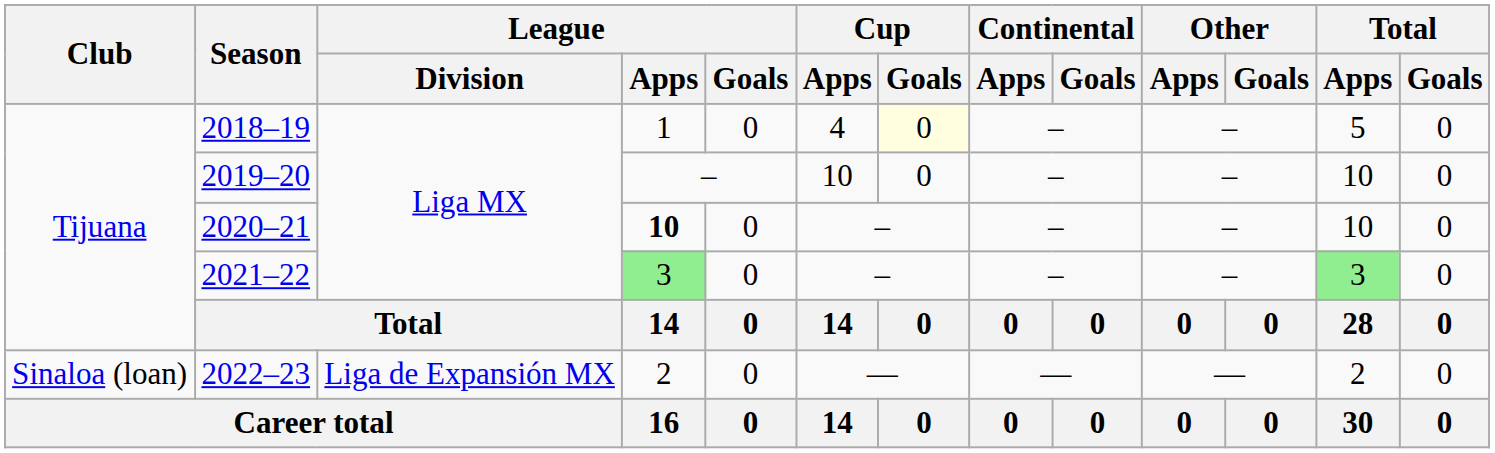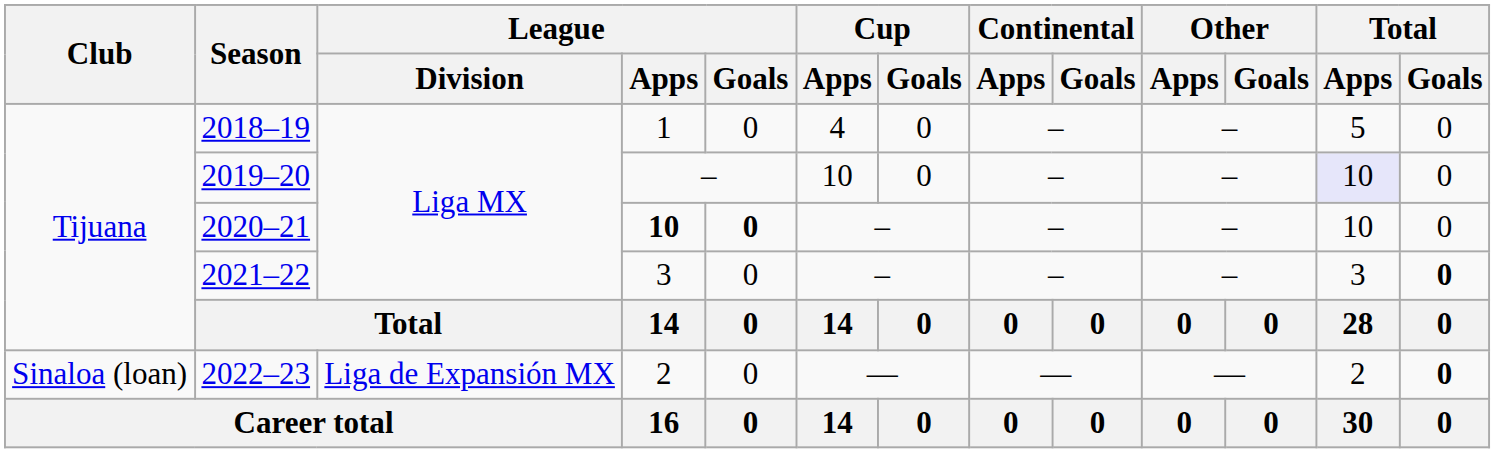 <table class="wikitable" style="text-align: center">
 <tr>
 <th rowspan="2">Club</th>
 <th rowspan="2">Season</th>
 <th colspan="3">League</th>
 <th colspan="2">Cup</th>
 <th colspan="2">Continental</th>
 <th colspan="2">Other</th>
 <th colspan="2">Total</th>
 </tr>
 <tr>
 <th>Division</th>
 <th>Apps</th>
 <th>Goals</th>
 <th>Apps</th>
 <th>Goals</th>
 <th>Apps</th>
 <th>Goals</th>
 <th>Apps</th>
 <th>Goals</th>
 <th>Apps</th>
 <th>Goals</th>
 </tr>
 <tr>
 <td rowspan="5"><a href='#'>Tijuana</a></td>
 <td><a href='#'>2018–19</a></td>
 <td rowspan="4"><a href='#'>Liga MX</a></td>
 <td>1</td>
 <td>0</td>
 <td>4</td>
-<td style="background: lightyellow;">0</td>
+<td>0</td>
 <td colspan="2">–</td>
 <td colspan="2">–</td>
 <td>5</td>
 <td>0</td>
 </tr>
 <tr>
 <td><a href='#'>2019–20</a></td>
 <td colspan="2">–</td>
 <td>10</td>
 <td>0</td>
 <td colspan="2">–</td>
 <td colspan="2">–</td>
-<td>10</td>
+<td style="background: lavender;">10</td>
 <td>0</td>
 </tr>
 <tr>
 <td><a href='#'>2020–21</a></td>
 <td><strong>10</strong></td>
-<td>0</td>
+<td><strong>0</strong></td>
 <td colspan="2">–</td>
 <td colspan="2">–</td>
 <td colspan="2">–</td>
 <td>10</td>
 <td>0</td>
 </tr>
 <tr>
 <td><a href='#'>2021–22</a></td>
-<td style="background: lightgreen;">3</td>
+<td>3</td>
 <td>0</td>
 <td colspan="2">–</td>
 <td colspan="2">–</td>
 <td colspan="2">–</td>
-<td style="background: lightgreen;">3</td>
-<td>0</td>
+<td>3</td>
+<td><strong>0</strong></td>
 </tr>
 <tr>
 <th colspan="2"><strong>Total</strong></th>
 <th>14</th>
 <th>0</th>
 <th>14</th>
 <th>0</th>
 <th>0</th>
 <th>0</th>
 <th>0</th>
 <th>0</th>
 <th>28</th>
 <th>0</th>
 </tr>
 <tr>
 <td><a href='#'>Sinaloa</a> (loan)</td>
 <td><a href='#'>2022–23</a></td>
 <td><a href='#'>Liga de Expansión MX</a></td>
 <td>2</td>
 <td>0</td>
 <td colspan=2>—</td>
 <td colspan=2>—</td>
 <td colspan=2>—</td>
 <td>2</td>
-<td>0</td>
+<td><strong>0</strong></td>
 </tr>
 <tr>
 <th colspan="3"><strong>Career total</strong></th>
 <th>16</th>
 <th>0</th>
 <th>14</th>
 <th>0</th>
 <th>0</th>
 <th>0</th>
 <th>0</th>
 <th>0</th>
 <th>30</th>
 <th>0</th>
 </tr>
 </table>
